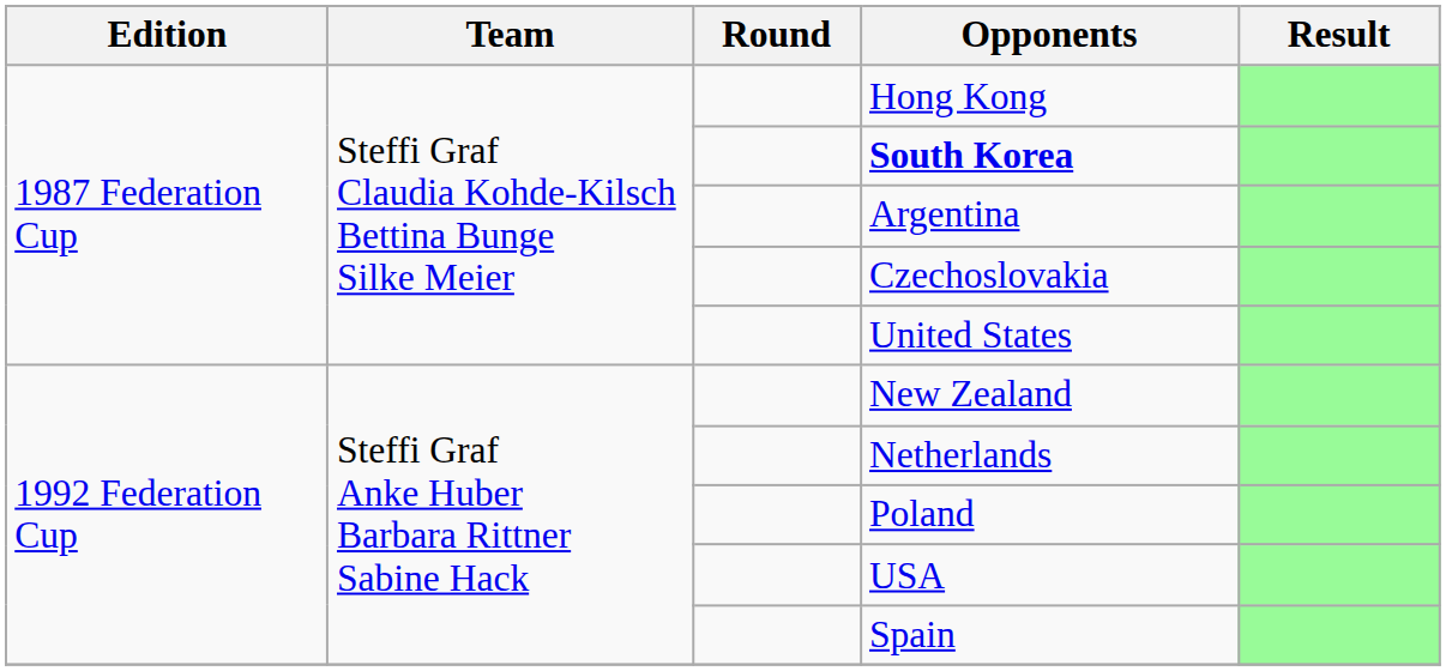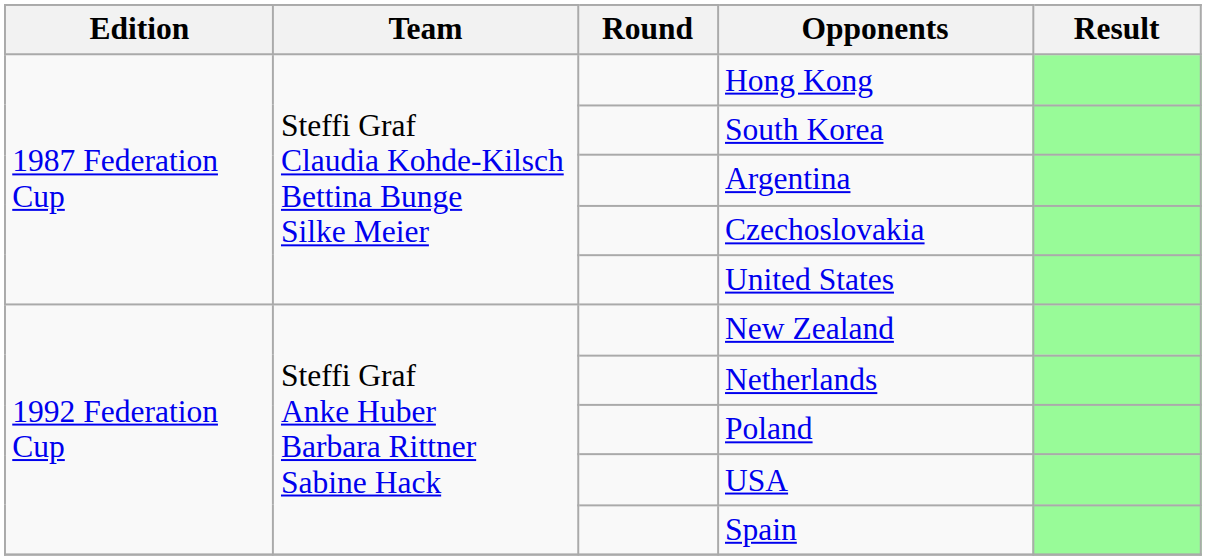 <table class=wikitable>
 <tr>
 <th style="width:150px">Edition</th>
 <th style="width:180px">Team</th>
 <th style="width:70px">Round</th>
 <th style="width:170px">Opponents</th>
 <th style="width:90px">Result</th>
 </tr>
 <tr>
 <td rowspan=5><a href='#'>1987 Federation Cup</a></td>
 <td rowspan=5>Steffi Graf<br> <a href='#'>Claudia Kohde-Kilsch</a><br> <a href='#'>Bettina Bunge</a><br> <a href='#'>Silke Meier</a></td>
 <td></td>
 <td> <a href='#'>Hong Kong</a></td>
 <td style="text-align:center; background:#98fb98;"></td>
 </tr>
 <tr>
 <td></td>
-<td><strong> <a href='#'>South Korea</a></strong></td>
+<td> <a href='#'>South Korea</a></td>
 <td style="text-align:center; background:#98fb98;"></td>
 </tr>
 <tr>
 <td></td>
 <td> <a href='#'>Argentina</a></td>
 <td style="text-align:center; background:#98fb98;"></td>
 </tr>
 <tr>
 <td></td>
 <td> <a href='#'>Czechoslovakia</a></td>
 <td style="text-align:center; background:#98fb98;"></td>
 </tr>
 <tr>
 <td></td>
 <td> <a href='#'>United States</a></td>
 <td style="text-align:center; background:#98fb98;"></td>
 </tr>
 <tr>
 <td rowspan=5><a href='#'>1992 Federation Cup</a></td>
 <td rowspan=5>Steffi Graf<br> <a href='#'>Anke Huber</a><br> <a href='#'>Barbara Rittner</a><br> <a href='#'>Sabine Hack</a></td>
 <td></td>
 <td> <a href='#'>New Zealand</a></td>
 <td style="text-align:center; background:#98fb98;"></td>
 </tr>
 <tr>
 <td></td>
 <td> <a href='#'>Netherlands</a></td>
 <td style="text-align:center; background:#98fb98;"></td>
 </tr>
 <tr>
 <td></td>
 <td> <a href='#'>Poland</a></td>
 <td style="text-align:center; background:#98fb98;"></td>
 </tr>
 <tr>
 <td></td>
 <td> <a href='#'>USA</a></td>
 <td style="text-align:center; background:#98fb98;"></td>
 </tr>
 <tr>
 <td></td>
 <td> <a href='#'>Spain</a></td>
 <td style="text-align:center; background:#98fb98;"></td>
 </tr>
 <tr style="background:#ccf;">
 </tr>
 </table>
